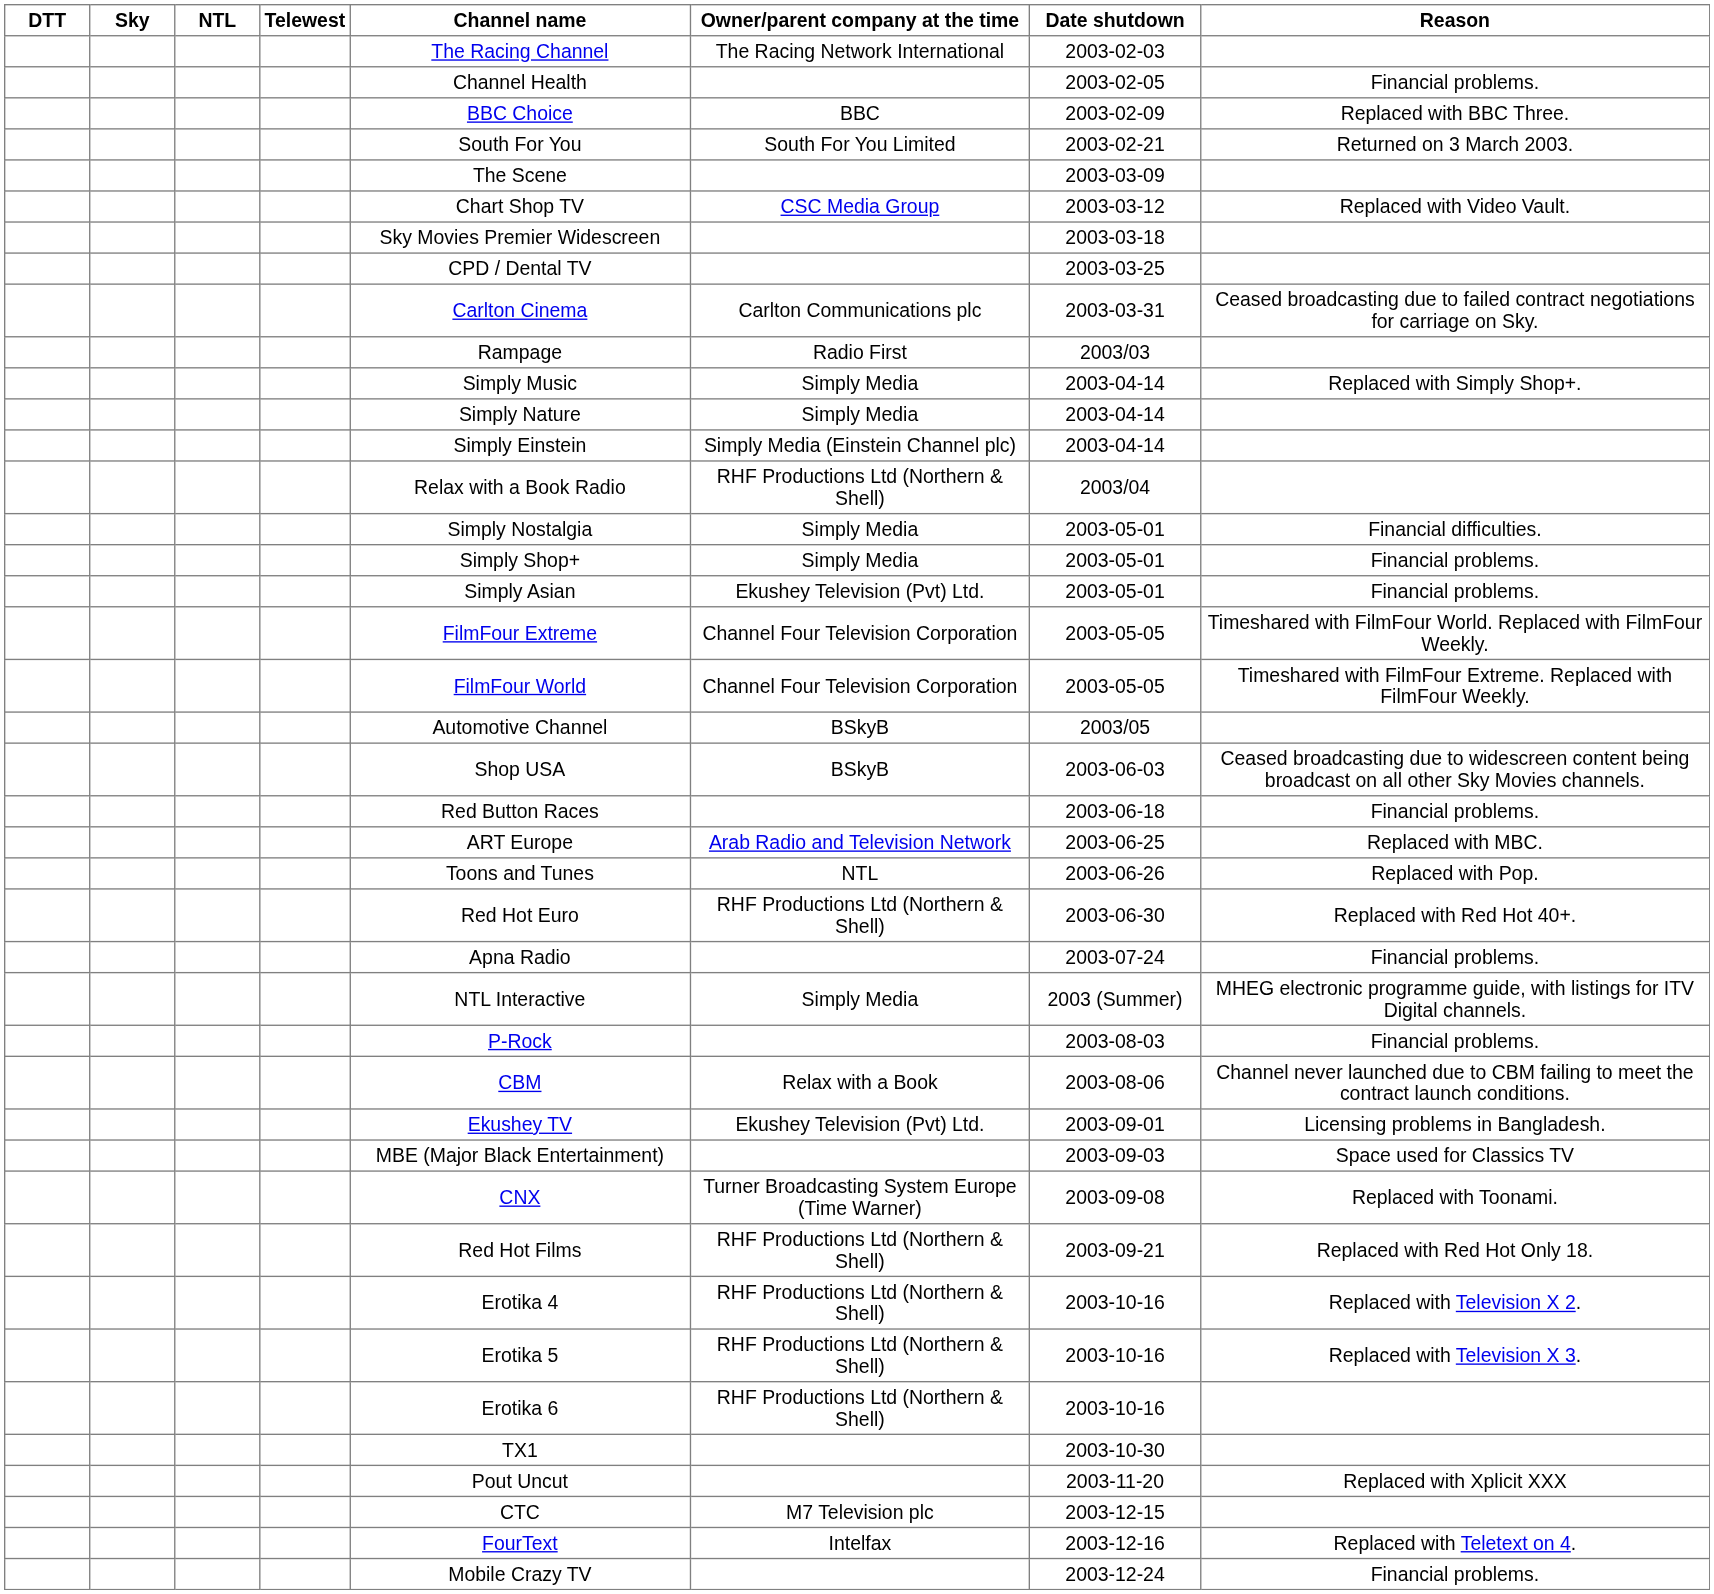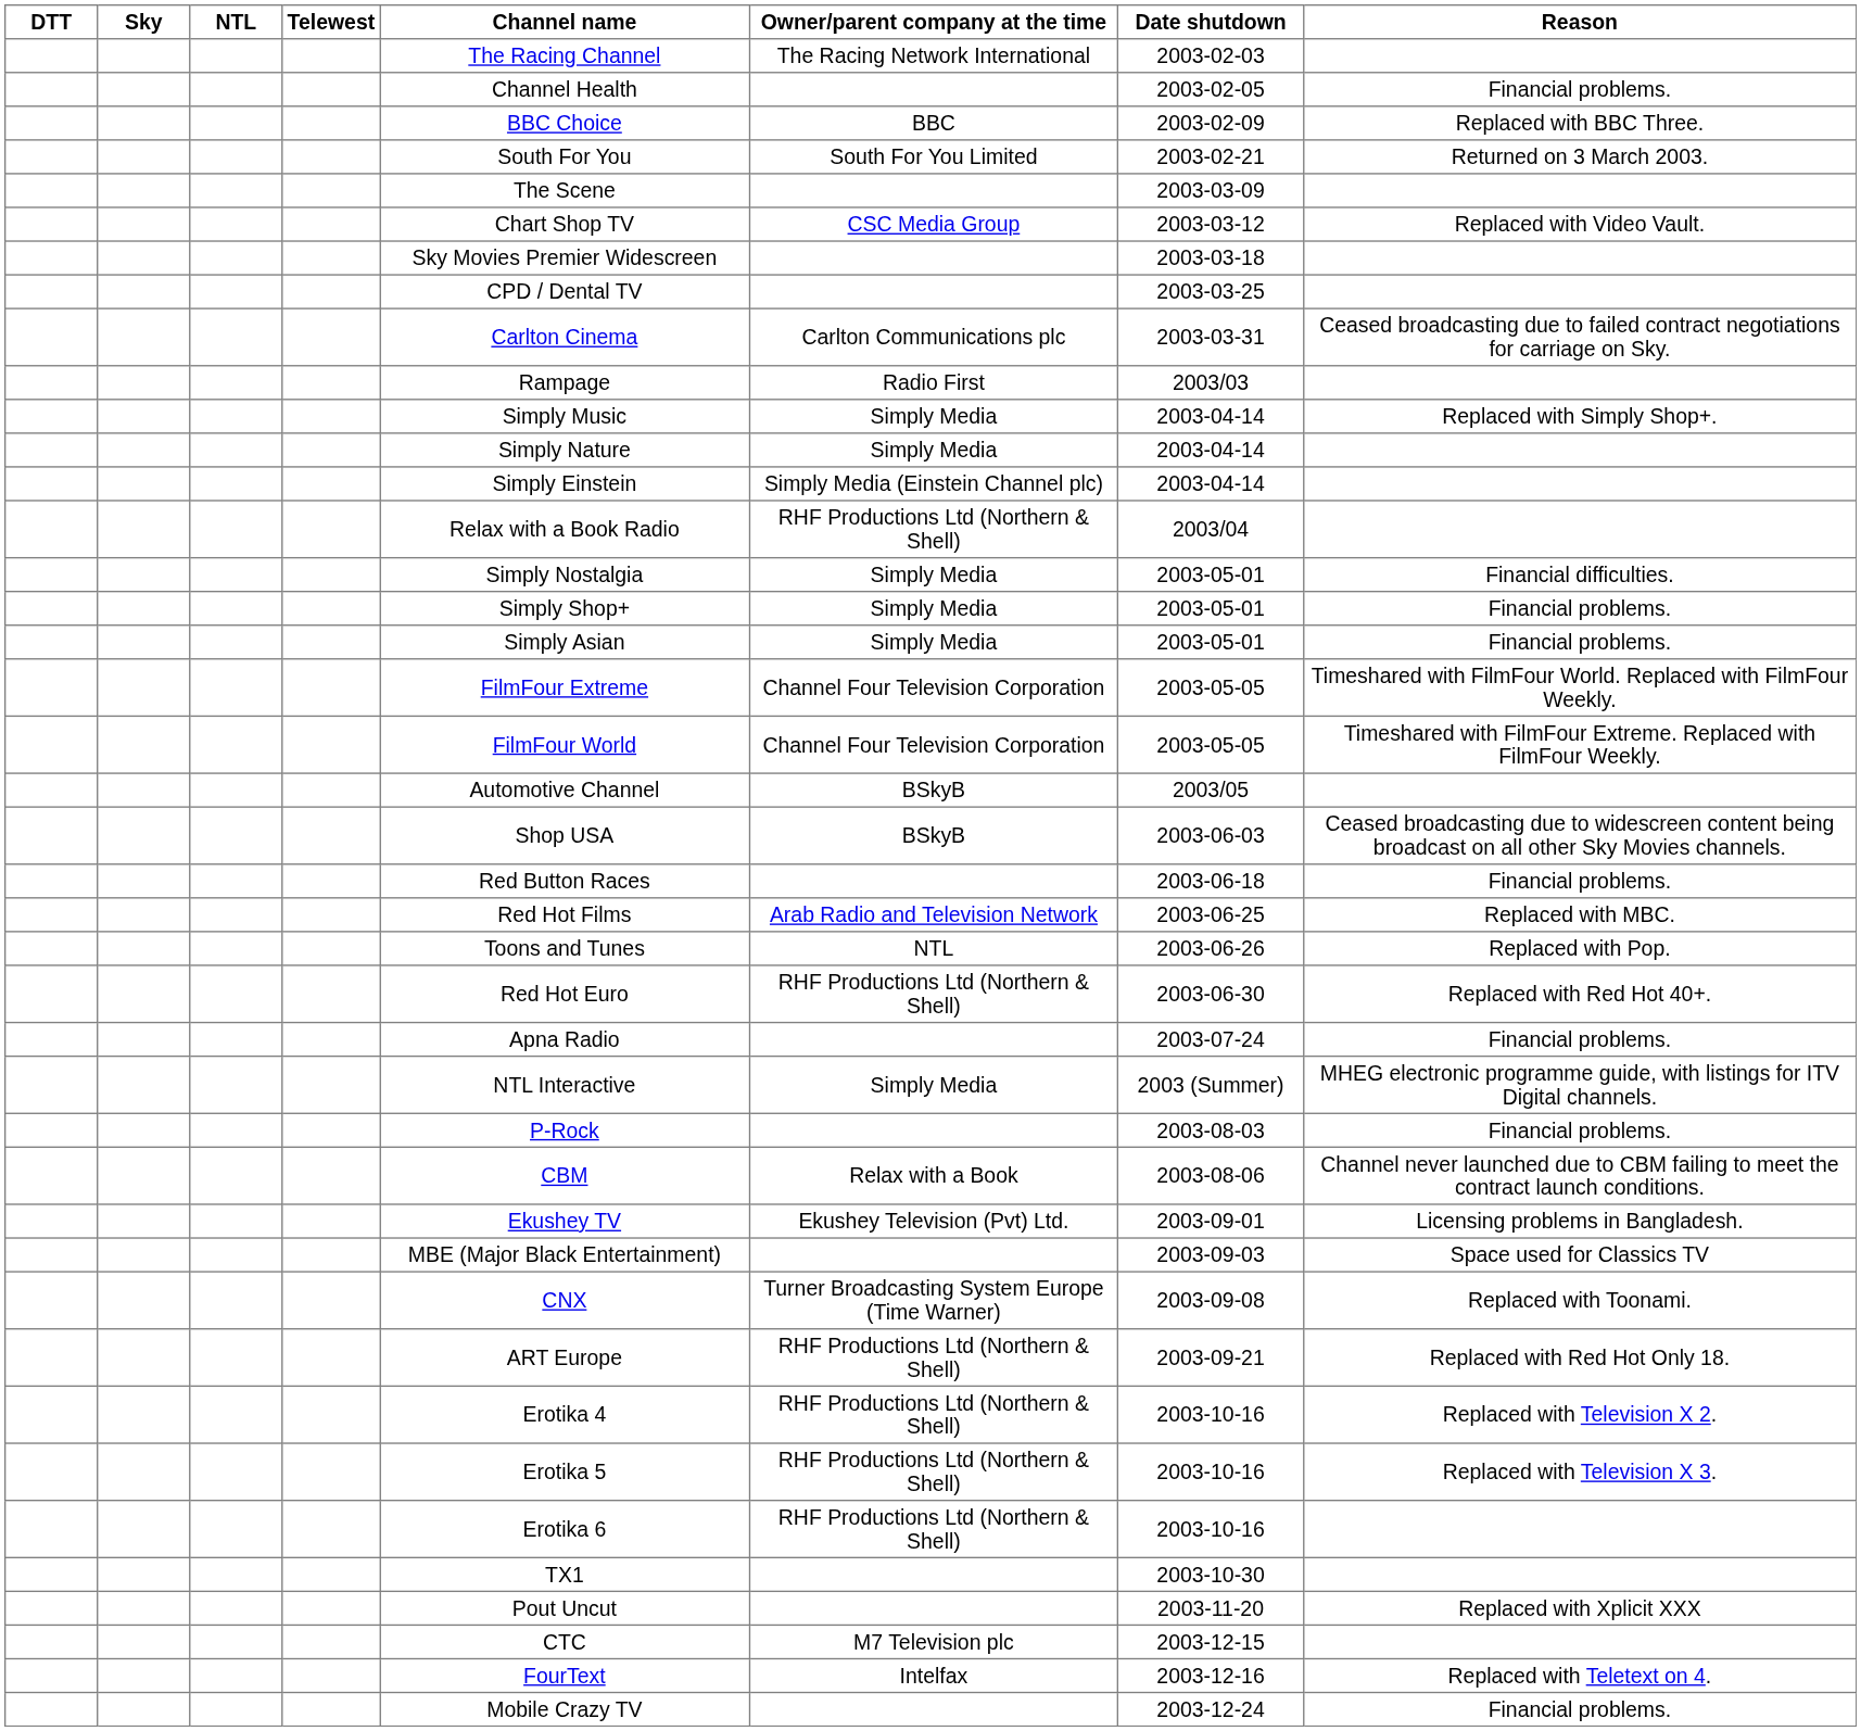 <table class="toccolors sortable" border="1" cellpadding="3" style="border-collapse:collapse; font-size: 90%; text-align:center" width="100%">
 <tr>
 <th width="5%">DTT</th>
 <th width="5%">Sky</th>
 <th width="5%">NTL</th>
 <th width="5%">Telewest</th>
 <th width="20%">Channel name</th>
 <th width="20%">Owner/parent company at the time</th>
 <th width="10%">Date shutdown </th>
 <th width="30%">Reason</th>
 </tr>
 <tr>
 <td></td>
 <td></td>
 <td></td>
 <td></td>
 <td><a href='#'>The Racing Channel</a></td>
 <td>The Racing Network International</td>
 <td>2003-02-03</td>
 <td></td>
 </tr>
 <tr>
 <td></td>
 <td></td>
 <td></td>
 <td></td>
 <td>Channel Health</td>
 <td></td>
 <td>2003-02-05</td>
 <td>Financial problems.</td>
 </tr>
 <tr>
 <td></td>
 <td></td>
 <td></td>
 <td></td>
 <td><a href='#'>BBC Choice</a></td>
 <td>BBC</td>
 <td>2003-02-09</td>
 <td>Replaced with BBC Three.</td>
 </tr>
 <tr>
 <td></td>
 <td></td>
 <td></td>
 <td></td>
 <td>South For You</td>
 <td>South For You Limited</td>
 <td>2003-02-21</td>
 <td> Returned on 3 March 2003.</td>
 </tr>
 <tr>
 <td></td>
 <td></td>
 <td></td>
 <td></td>
 <td>The Scene</td>
 <td></td>
 <td>2003-03-09</td>
 <td></td>
 </tr>
 <tr>
 <td></td>
 <td></td>
 <td></td>
 <td></td>
 <td>Chart Shop TV</td>
 <td><a href='#'>CSC Media Group</a></td>
 <td>2003-03-12</td>
 <td>Replaced with Video Vault.</td>
 </tr>
 <tr>
 <td></td>
 <td></td>
 <td></td>
 <td></td>
 <td>Sky Movies Premier Widescreen</td>
 <td></td>
 <td>2003-03-18</td>
 <td></td>
 </tr>
 <tr>
 <td></td>
 <td></td>
 <td></td>
 <td></td>
 <td>CPD / Dental TV</td>
 <td></td>
 <td>2003-03-25</td>
 <td></td>
 </tr>
 <tr>
 <td></td>
 <td></td>
 <td></td>
 <td></td>
 <td><a href='#'>Carlton Cinema</a></td>
 <td>Carlton Communications plc</td>
 <td>2003-03-31</td>
 <td>Ceased broadcasting due to failed contract negotiations for carriage on Sky.</td>
 </tr>
 <tr>
 <td></td>
 <td></td>
 <td></td>
 <td></td>
 <td>Rampage</td>
 <td>Radio First</td>
 <td>2003/03</td>
 <td></td>
 </tr>
 <tr>
 <td></td>
 <td></td>
 <td></td>
 <td></td>
 <td>Simply Music</td>
 <td>Simply Media</td>
 <td>2003-04-14</td>
 <td>Replaced with Simply Shop+.</td>
 </tr>
 <tr>
 <td></td>
 <td></td>
 <td></td>
 <td></td>
 <td>Simply Nature</td>
 <td>Simply Media</td>
 <td>2003-04-14</td>
 <td></td>
 </tr>
 <tr>
 <td></td>
 <td></td>
 <td></td>
 <td></td>
 <td>Simply Einstein</td>
 <td>Simply Media (Einstein Channel plc)</td>
 <td>2003-04-14</td>
 <td></td>
 </tr>
 <tr>
 <td></td>
 <td></td>
 <td></td>
 <td></td>
 <td>Relax with a Book Radio</td>
 <td>RHF Productions Ltd (Northern & Shell)</td>
 <td>2003/04</td>
 <td></td>
 </tr>
 <tr>
 <td></td>
 <td></td>
 <td></td>
 <td></td>
 <td>Simply Nostalgia</td>
 <td>Simply Media</td>
 <td>2003-05-01</td>
 <td>Financial difficulties.</td>
 </tr>
 <tr>
 <td></td>
 <td></td>
 <td></td>
 <td></td>
 <td>Simply Shop+</td>
 <td>Simply Media</td>
 <td>2003-05-01</td>
 <td>Financial problems.</td>
 </tr>
 <tr>
 <td></td>
 <td></td>
 <td></td>
 <td></td>
 <td>Simply Asian</td>
-<td>Ekushey Television (Pvt) Ltd.</td>
+<td>Simply Media</td>
 <td>2003-05-01</td>
 <td>Financial problems.</td>
 </tr>
 <tr>
 <td></td>
 <td></td>
 <td></td>
 <td></td>
 <td><a href='#'>FilmFour Extreme</a></td>
 <td>Channel Four Television Corporation</td>
 <td>2003-05-05</td>
 <td>Timeshared with FilmFour World. Replaced with FilmFour Weekly.</td>
 </tr>
 <tr>
 <td></td>
 <td></td>
 <td></td>
 <td></td>
 <td><a href='#'>FilmFour World</a></td>
 <td>Channel Four Television Corporation</td>
 <td>2003-05-05</td>
 <td>Timeshared with FilmFour Extreme. Replaced with FilmFour Weekly.</td>
 </tr>
 <tr>
 <td></td>
 <td></td>
 <td></td>
 <td></td>
 <td>Automotive Channel</td>
 <td>BSkyB</td>
 <td>2003/05</td>
 <td></td>
 </tr>
 <tr>
 <td></td>
 <td></td>
 <td></td>
 <td></td>
 <td>Shop USA</td>
 <td>BSkyB</td>
 <td>2003-06-03</td>
 <td>Ceased broadcasting due to widescreen content being broadcast on all other Sky Movies channels.</td>
 </tr>
 <tr>
 <td></td>
 <td></td>
 <td></td>
 <td></td>
 <td>Red Button Races</td>
 <td></td>
 <td>2003-06-18</td>
 <td>Financial problems.</td>
 </tr>
 <tr>
 <td></td>
 <td></td>
 <td></td>
 <td></td>
-<td>ART Europe</td>
+<td>Red Hot Films</td>
 <td><a href='#'>Arab Radio and Television Network</a></td>
 <td>2003-06-25</td>
 <td>Replaced with MBC.</td>
 </tr>
 <tr>
 <td></td>
 <td></td>
 <td></td>
 <td></td>
 <td>Toons and Tunes</td>
 <td>NTL</td>
 <td>2003-06-26</td>
 <td>Replaced with Pop.</td>
 </tr>
 <tr>
 <td></td>
 <td></td>
 <td></td>
 <td></td>
 <td>Red Hot Euro</td>
 <td>RHF Productions Ltd (Northern & Shell)</td>
 <td>2003-06-30</td>
 <td>Replaced with Red Hot 40+.</td>
 </tr>
 <tr>
 <td></td>
 <td></td>
 <td></td>
 <td></td>
 <td>Apna Radio</td>
 <td></td>
 <td>2003-07-24</td>
 <td>Financial problems.</td>
 </tr>
 <tr>
 <td></td>
 <td></td>
 <td></td>
 <td></td>
 <td>NTL Interactive</td>
 <td>Simply Media</td>
 <td>2003 (Summer)</td>
 <td>MHEG electronic programme guide, with listings for ITV Digital channels.</td>
 </tr>
 <tr>
 <td></td>
 <td></td>
 <td></td>
 <td></td>
 <td><a href='#'>P-Rock</a></td>
 <td></td>
 <td>2003-08-03</td>
 <td>Financial problems.</td>
 </tr>
 <tr>
 <td></td>
 <td></td>
 <td></td>
 <td></td>
 <td><a href='#'>CBM</a></td>
 <td>Relax with a Book</td>
 <td>2003-08-06</td>
 <td>Channel never launched due to CBM failing to meet the contract launch conditions.</td>
 </tr>
 <tr>
 <td></td>
 <td></td>
 <td></td>
 <td></td>
 <td><a href='#'>Ekushey TV</a></td>
 <td>Ekushey Television (Pvt) Ltd.</td>
 <td>2003-09-01</td>
 <td>Licensing problems in Bangladesh.</td>
 </tr>
 <tr>
 <td></td>
 <td></td>
 <td></td>
 <td></td>
 <td>MBE (Major Black Entertainment)</td>
 <td></td>
 <td>2003-09-03</td>
 <td>Space used for Classics TV</td>
 </tr>
 <tr>
 <td></td>
 <td></td>
 <td></td>
 <td></td>
 <td><a href='#'>CNX</a></td>
 <td>Turner Broadcasting System Europe (Time Warner)</td>
 <td>2003-09-08</td>
 <td>Replaced with Toonami.</td>
 </tr>
 <tr>
 <td></td>
 <td></td>
 <td></td>
 <td></td>
-<td>Red Hot Films</td>
+<td>ART Europe</td>
 <td>RHF Productions Ltd (Northern & Shell)</td>
 <td>2003-09-21</td>
 <td>Replaced with Red Hot Only 18.</td>
 </tr>
 <tr>
 <td></td>
 <td></td>
 <td></td>
 <td></td>
 <td>Erotika 4</td>
 <td>RHF Productions Ltd (Northern & Shell)</td>
 <td>2003-10-16</td>
 <td>Replaced with <a href='#'>Television X 2</a>.</td>
 </tr>
 <tr>
 <td></td>
 <td></td>
 <td></td>
 <td></td>
 <td>Erotika 5</td>
 <td>RHF Productions Ltd (Northern & Shell)</td>
 <td>2003-10-16</td>
 <td>Replaced with <a href='#'>Television X 3</a>.</td>
 </tr>
 <tr>
 <td></td>
 <td></td>
 <td></td>
 <td></td>
 <td>Erotika 6</td>
 <td>RHF Productions Ltd (Northern & Shell)</td>
 <td>2003-10-16</td>
 <td></td>
 </tr>
 <tr>
 <td></td>
 <td></td>
 <td></td>
 <td></td>
 <td>TX1</td>
 <td></td>
 <td>2003-10-30</td>
 <td></td>
 </tr>
 <tr>
 <td></td>
 <td></td>
 <td></td>
 <td></td>
 <td>Pout Uncut</td>
 <td></td>
 <td>2003-11-20</td>
 <td>Replaced with Xplicit XXX</td>
 </tr>
 <tr>
 <td></td>
 <td></td>
 <td></td>
 <td></td>
 <td>CTC</td>
 <td>M7 Television plc</td>
 <td>2003-12-15</td>
 <td></td>
 </tr>
 <tr>
 <td></td>
 <td></td>
 <td></td>
 <td></td>
 <td><a href='#'>FourText</a></td>
 <td>Intelfax</td>
 <td>2003-12-16</td>
 <td>Replaced with <a href='#'>Teletext on 4</a>.</td>
 </tr>
 <tr>
 <td></td>
 <td></td>
 <td></td>
 <td></td>
 <td>Mobile Crazy TV</td>
 <td></td>
 <td>2003-12-24</td>
 <td>Financial problems.</td>
 </tr>
 </table>
